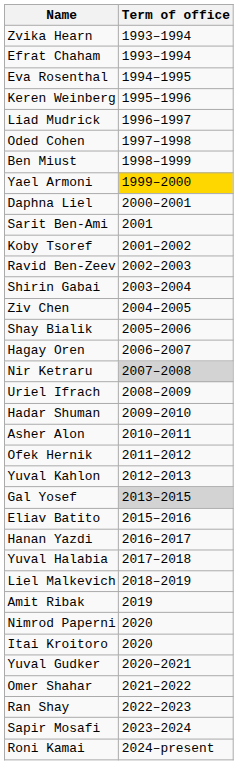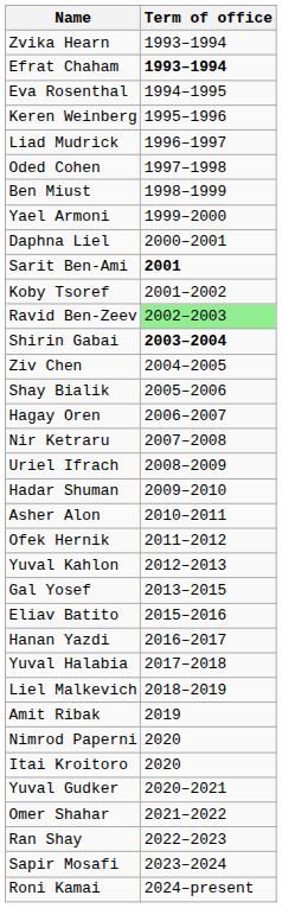 <table class="wikitable">
 <tr>
 <th>Name</th>
 <th>Term of office</th>
 </tr>
 <tr>
 <td>Zvika Hearn</td>
 <td>1993–1994</td>
 </tr>
 <tr>
 <td>Efrat Chaham</td>
-<td>1993–1994</td>
+<td><strong>1993–1994</strong></td>
 </tr>
 <tr>
 <td>Eva Rosenthal</td>
 <td>1994–1995</td>
 </tr>
 <tr>
 <td>Keren Weinberg</td>
 <td>1995–1996</td>
 </tr>
 <tr>
 <td>Liad Mudrick</td>
 <td>1996–1997</td>
 </tr>
 <tr>
 <td>Oded Cohen</td>
 <td>1997–1998</td>
 </tr>
 <tr>
 <td>Ben Miust</td>
 <td>1998–1999</td>
 </tr>
 <tr>
 <td>Yael Armoni</td>
-<td style="background: gold;">1999–2000</td>
+<td>1999–2000</td>
 </tr>
 <tr>
 <td>Daphna Liel</td>
 <td>2000–2001</td>
 </tr>
 <tr>
 <td>Sarit Ben-Ami</td>
-<td>2001</td>
+<td><strong>2001</strong></td>
 </tr>
 <tr>
 <td>Koby Tsoref</td>
 <td>2001–2002</td>
 </tr>
 <tr>
 <td>Ravid Ben-Zeev</td>
-<td>2002–2003</td>
+<td style="background: lightgreen;">2002–2003</td>
 </tr>
 <tr>
 <td>Shirin Gabai</td>
-<td>2003–2004</td>
+<td><strong>2003–2004</strong></td>
 </tr>
 <tr>
 <td>Ziv Chen</td>
 <td>2004–2005</td>
 </tr>
 <tr>
 <td>Shay Bialik</td>
 <td>2005–2006</td>
 </tr>
 <tr>
 <td>Hagay Oren</td>
 <td>2006–2007</td>
 </tr>
 <tr>
 <td>Nir Ketraru</td>
-<td style="background: lightgrey;">2007–2008</td>
+<td>2007–2008</td>
 </tr>
 <tr>
 <td>Uriel Ifrach</td>
 <td>2008–2009</td>
 </tr>
 <tr>
 <td>Hadar Shuman</td>
 <td>2009–2010</td>
 </tr>
 <tr>
 <td>Asher Alon</td>
 <td>2010–2011</td>
 </tr>
 <tr>
 <td>Ofek Hernik</td>
 <td>2011–2012</td>
 </tr>
 <tr>
 <td>Yuval Kahlon</td>
 <td>2012–2013</td>
 </tr>
 <tr>
 <td>Gal Yosef</td>
-<td style="background: lightgrey;">2013–2015</td>
+<td>2013–2015</td>
 </tr>
 <tr>
 <td>Eliav Batito</td>
 <td>2015–2016</td>
 </tr>
 <tr>
 <td>Hanan Yazdi</td>
 <td>2016–2017</td>
 </tr>
 <tr>
 <td>Yuval Halabia</td>
 <td>2017–2018</td>
 </tr>
 <tr>
 <td>Liel Malkevich</td>
 <td>2018–2019</td>
 </tr>
 <tr>
 <td>Amit Ribak</td>
 <td>2019</td>
 </tr>
 <tr>
 <td>Nimrod Paperni</td>
 <td>2020</td>
 </tr>
 <tr>
 <td>Itai Kroitoro</td>
 <td>2020</td>
 </tr>
 <tr>
 <td>Yuval Gudker</td>
 <td>2020–2021</td>
 </tr>
 <tr>
 <td>Omer Shahar</td>
 <td>2021–2022</td>
 </tr>
 <tr>
 <td>Ran Shay</td>
 <td>2022–2023</td>
 </tr>
 <tr>
 <td>Sapir Mosafi</td>
 <td>2023–2024</td>
 </tr>
 <tr>
 <td>Roni Kamai</td>
 <td>2024–present</td>
 </tr>
 </table>
